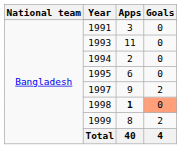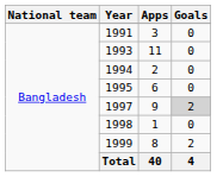 <table class="wikitable" style="text-align: center;">
 <tr>
 <th>National team</th>
 <th>Year</th>
 <th>Apps</th>
 <th>Goals</th>
 </tr>
 <tr>
 <td rowspan="9"><a href='#'>Bangladesh</a></td>
 </tr>
 <tr>
 <td>1991</td>
 <td>3</td>
 <td>0</td>
 </tr>
 <tr>
 <td>1993</td>
 <td>11</td>
 <td>0</td>
 </tr>
 <tr>
 <td>1994</td>
 <td>2</td>
 <td>0</td>
 </tr>
 <tr>
 <td>1995</td>
 <td>6</td>
 <td>0</td>
 </tr>
 <tr>
 <td>1997</td>
 <td>9</td>
-<td>2</td>
+<td style="background: lightgrey;">2</td>
 </tr>
 <tr>
 <td>1998</td>
-<td><strong>1</strong></td>
-<td style="background: lightsalmon;">0</td>
+<td>1</td>
+<td>0</td>
 </tr>
 <tr>
 <td>1999</td>
 <td>8</td>
 <td>2</td>
 </tr>
 <tr>
 <th>Total</th>
 <th>40</th>
 <th>4</th>
 </tr>
 </table>
